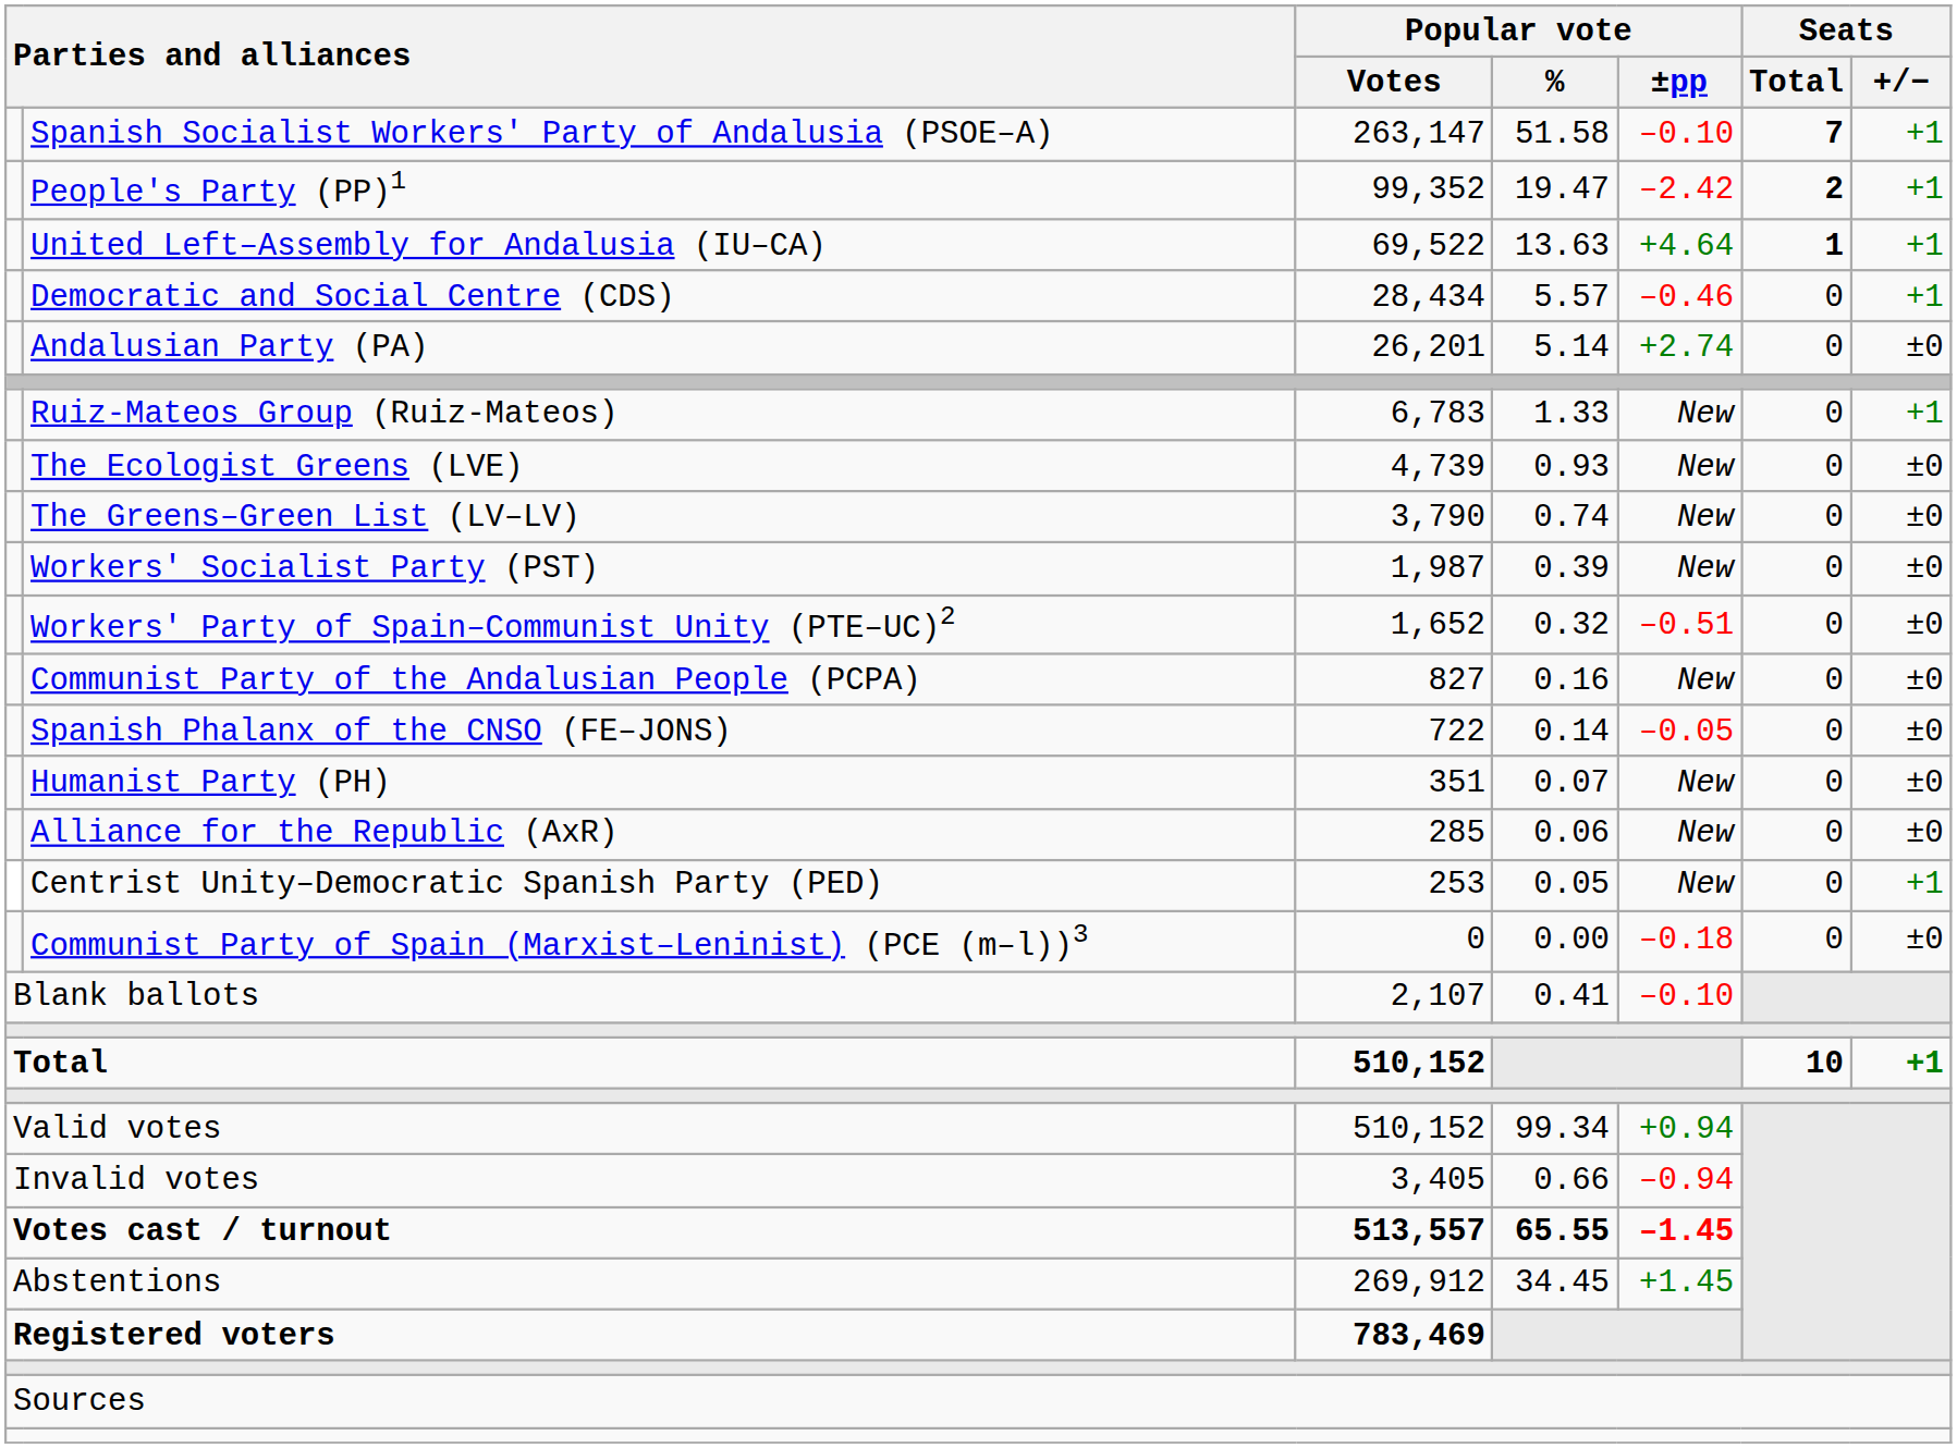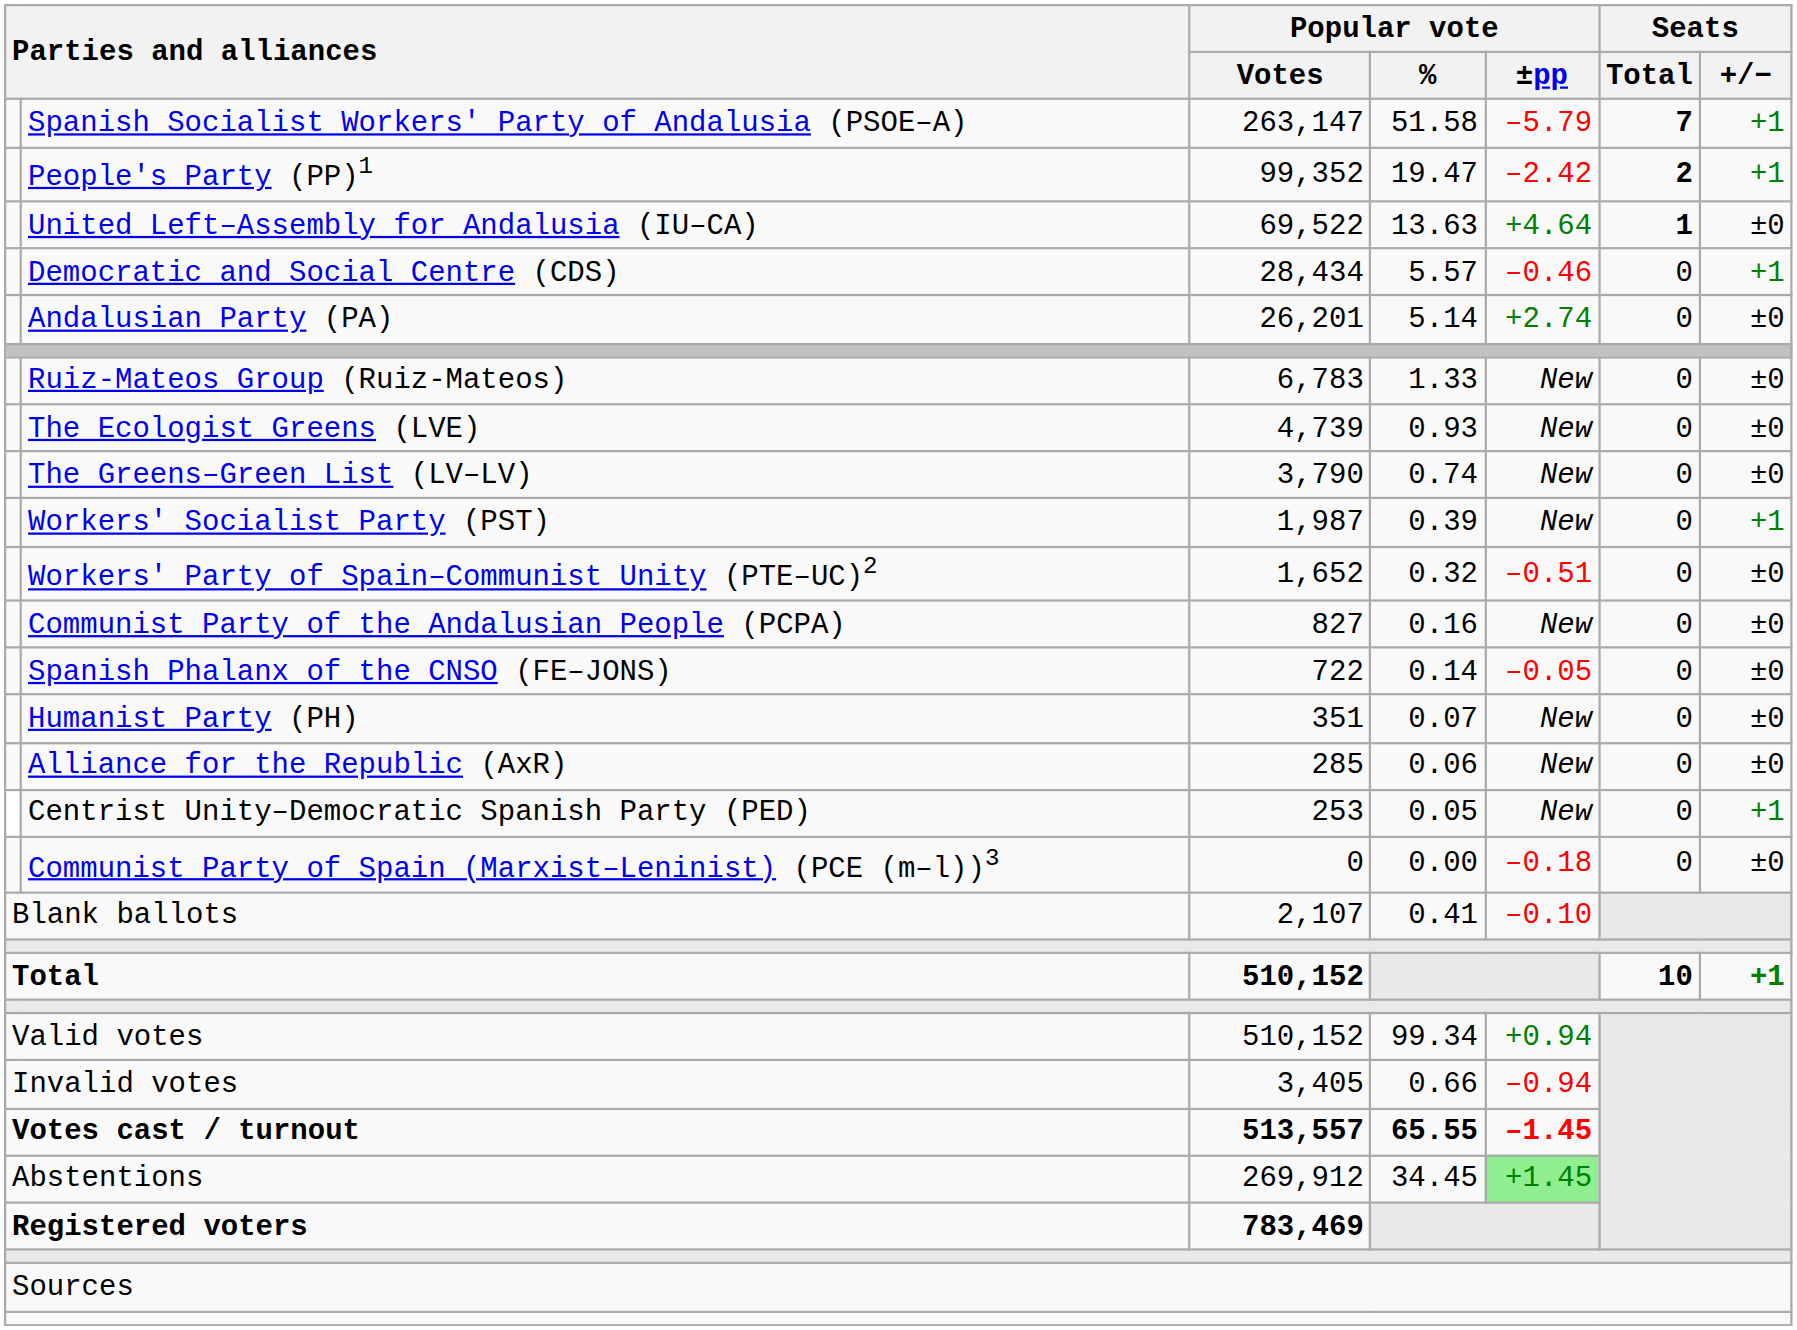 <table class="wikitable" style="text-align:right;">
 <tr>
 <th style="text-align:left;" rowspan="2" colspan="2" width="525">Parties and alliances</th>
 <th colspan="3">Popular vote</th>
 <th colspan="2">Seats</th>
 </tr>
 <tr>
 <th width="75">Votes</th>
 <th width="45">%</th>
 <th width="45">±<a href='#'>pp</a></th>
 <th width="35">Total</th>
 <th width="35">+/−</th>
 </tr>
 <tr>
 <td width="1" style="color:inherit;background:"></td>
 <td align="left"><a href='#'>Spanish Socialist Workers' Party of Andalusia</a> (PSOE–A)</td>
 <td>263,147</td>
 <td>51.58</td>
-<td style="color:red;">–0.10</td>
+<td style="color:red;">–5.79</td>
 <td><strong>7</strong></td>
 <td style="color:green;">+1</td>
 </tr>
 <tr>
 <td style="color:inherit;background:"></td>
 <td align="left"><a href='#'>People's Party</a> (PP)<sup>1</sup></td>
 <td>99,352</td>
 <td>19.47</td>
 <td style="color:red;">–2.42</td>
 <td><strong>2</strong></td>
 <td style="color:green;">+1</td>
 </tr>
 <tr>
 <td style="color:inherit;background:"></td>
 <td align="left"><a href='#'>United Left–Assembly for Andalusia</a> (IU–CA)</td>
 <td>69,522</td>
 <td>13.63</td>
 <td style="color:green;">+4.64</td>
 <td><strong>1</strong></td>
-<td style="color:green;">+1</td>
+<td>±0</td>
 </tr>
 <tr>
 <td style="color:inherit;background:"></td>
 <td align="left"><a href='#'>Democratic and Social Centre</a> (CDS)</td>
 <td>28,434</td>
 <td>5.57</td>
 <td style="color:red;">–0.46</td>
 <td>0</td>
 <td style="color:green;">+1</td>
 </tr>
 <tr>
 <td style="color:inherit;background:"></td>
 <td align="left"><a href='#'>Andalusian Party</a> (PA)</td>
 <td>26,201</td>
 <td>5.14</td>
 <td style="color:green;">+2.74</td>
 <td>0</td>
 <td>±0</td>
 </tr>
 <tr>
 <td colspan="7" bgcolor="#C0C0C0"></td>
 </tr>
 <tr>
 <td style="color:inherit;background:"></td>
 <td align="left"><a href='#'>Ruiz-Mateos Group</a> (Ruiz-Mateos)</td>
 <td>6,783</td>
 <td>1.33</td>
 <td><em>New</em></td>
 <td>0</td>
-<td style="color:green;">+1</td>
+<td>±0</td>
 </tr>
 <tr>
 <td style="color:inherit;background:"></td>
 <td align="left"><a href='#'>The Ecologist Greens</a> (LVE)</td>
 <td>4,739</td>
 <td>0.93</td>
 <td><em>New</em></td>
 <td>0</td>
 <td>±0</td>
 </tr>
 <tr>
 <td style="color:inherit;background:"></td>
 <td align="left"><a href='#'>The Greens–Green List</a> (LV–LV)</td>
 <td>3,790</td>
 <td>0.74</td>
 <td><em>New</em></td>
 <td>0</td>
 <td>±0</td>
 </tr>
 <tr>
 <td style="color:inherit;background:"></td>
 <td align="left"><a href='#'>Workers' Socialist Party</a> (PST)</td>
 <td>1,987</td>
 <td>0.39</td>
 <td><em>New</em></td>
 <td>0</td>
-<td>±0</td>
+<td style="color:green;">+1</td>
 </tr>
 <tr>
 <td style="color:inherit;background:"></td>
 <td align="left"><a href='#'>Workers' Party of Spain–Communist Unity</a> (PTE–UC)<sup>2</sup></td>
 <td>1,652</td>
 <td>0.32</td>
 <td style="color:red;">–0.51</td>
 <td>0</td>
 <td>±0</td>
 </tr>
 <tr>
 <td style="color:inherit;background:"></td>
 <td align="left"><a href='#'>Communist Party of the Andalusian People</a> (PCPA)</td>
 <td>827</td>
 <td>0.16</td>
 <td><em>New</em></td>
 <td>0</td>
 <td>±0</td>
 </tr>
 <tr>
 <td style="color:inherit;background:"></td>
 <td align="left"><a href='#'>Spanish Phalanx of the CNSO</a> (FE–JONS)</td>
 <td>722</td>
 <td>0.14</td>
 <td style="color:red;">–0.05</td>
 <td>0</td>
 <td>±0</td>
 </tr>
 <tr>
 <td style="color:inherit;background:"></td>
 <td align="left"><a href='#'>Humanist Party</a> (PH)</td>
 <td>351</td>
 <td>0.07</td>
 <td><em>New</em></td>
 <td>0</td>
 <td>±0</td>
 </tr>
 <tr>
 <td style="color:inherit;background:"></td>
 <td align="left"><a href='#'>Alliance for the Republic</a> (AxR)</td>
 <td>285</td>
 <td>0.06</td>
 <td><em>New</em></td>
 <td>0</td>
 <td>±0</td>
 </tr>
 <tr>
 <td bgcolor="white"></td>
 <td align="left">Centrist Unity–Democratic Spanish Party (PED)</td>
 <td>253</td>
 <td>0.05</td>
 <td><em>New</em></td>
 <td>0</td>
 <td style="color:green;">+1</td>
 </tr>
 <tr>
 <td style="color:inherit;background:"></td>
 <td align="left"><a href='#'>Communist Party of Spain (Marxist–Leninist)</a> (PCE (m–l))<sup>3</sup></td>
 <td>0</td>
 <td>0.00</td>
 <td style="color:red;">–0.18</td>
 <td>0</td>
 <td>±0</td>
 </tr>
 <tr>
 <td align="left" colspan="2">Blank ballots</td>
 <td>2,107</td>
 <td>0.41</td>
 <td style="color:red;">–0.10</td>
 <td bgcolor="#E9E9E9" colspan="2"></td>
 </tr>
 <tr>
 <td colspan="7" bgcolor="#E9E9E9"></td>
 </tr>
 <tr style="font-weight:bold;">
 <td align="left" colspan="2">Total</td>
 <td>510,152</td>
 <td bgcolor="#E9E9E9" colspan="2"></td>
 <td>10</td>
 <td style="color:green;">+1</td>
 </tr>
 <tr>
 <td colspan="7" bgcolor="#E9E9E9"></td>
 </tr>
 <tr>
 <td align="left" colspan="2">Valid votes</td>
 <td>510,152</td>
 <td>99.34</td>
 <td style="color:green;">+0.94</td>
 <td bgcolor="#E9E9E9" colspan="2" rowspan="5"></td>
 </tr>
 <tr>
 <td align="left" colspan="2">Invalid votes</td>
 <td>3,405</td>
 <td>0.66</td>
 <td style="color:red;">–0.94</td>
 </tr>
 <tr style="font-weight:bold;">
 <td align="left" colspan="2">Votes cast / turnout</td>
 <td>513,557</td>
 <td>65.55</td>
 <td style="color:red;">–1.45</td>
 </tr>
 <tr>
 <td align="left" colspan="2">Abstentions</td>
 <td>269,912</td>
 <td>34.45</td>
-<td style="color:green;">+1.45</td>
+<td style="background: lightgreen; color:green;">+1.45</td>
 </tr>
 <tr style="font-weight:bold;">
 <td align="left" colspan="2">Registered voters</td>
 <td>783,469</td>
 <td bgcolor="#E9E9E9" colspan="2"></td>
 </tr>
 <tr>
 <td colspan="7" bgcolor="#E9E9E9"></td>
 </tr>
 <tr>
 <td align="left" colspan="7">Sources</td>
 </tr>
 <tr>
 <td colspan="7" style="text-align:left; max-width:790px;"></td>
 </tr>
 </table>
